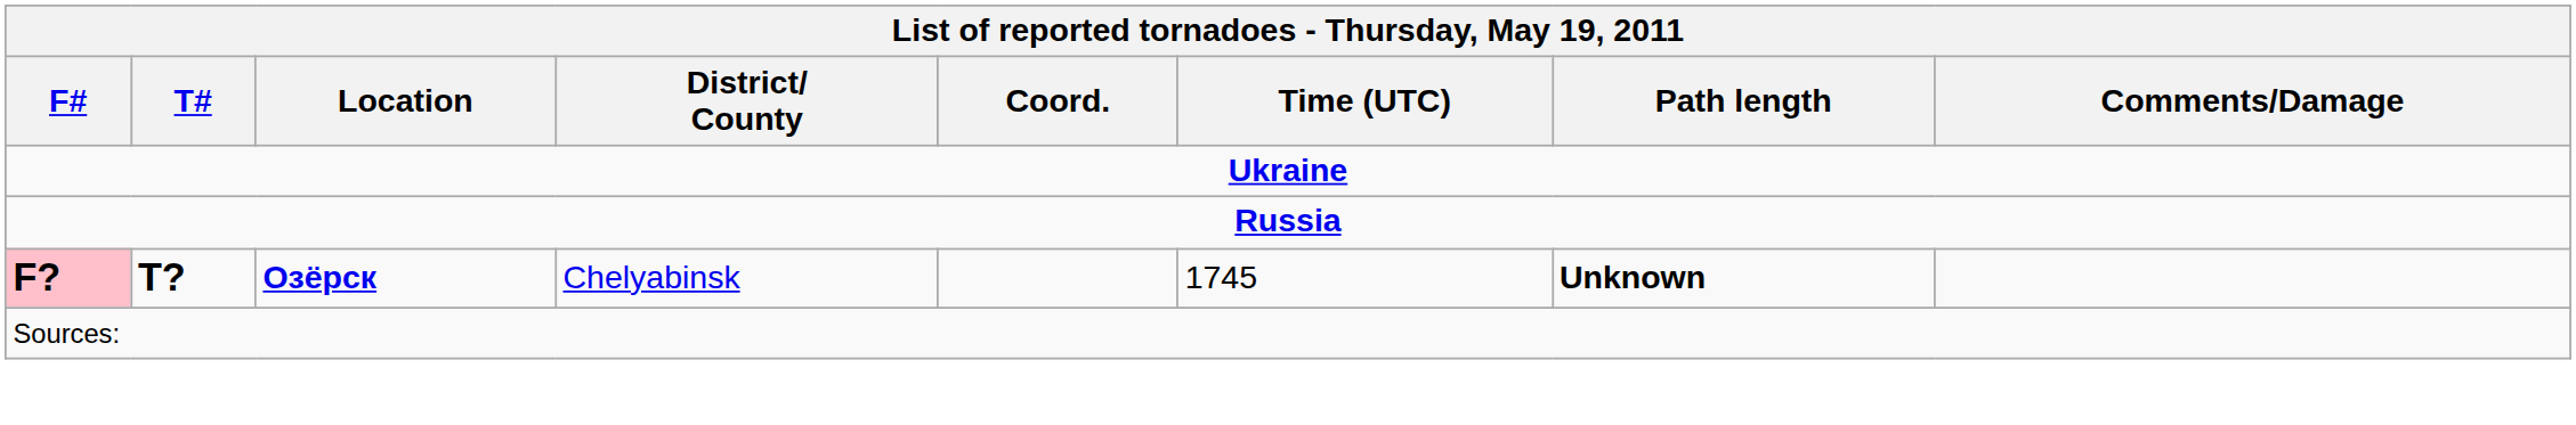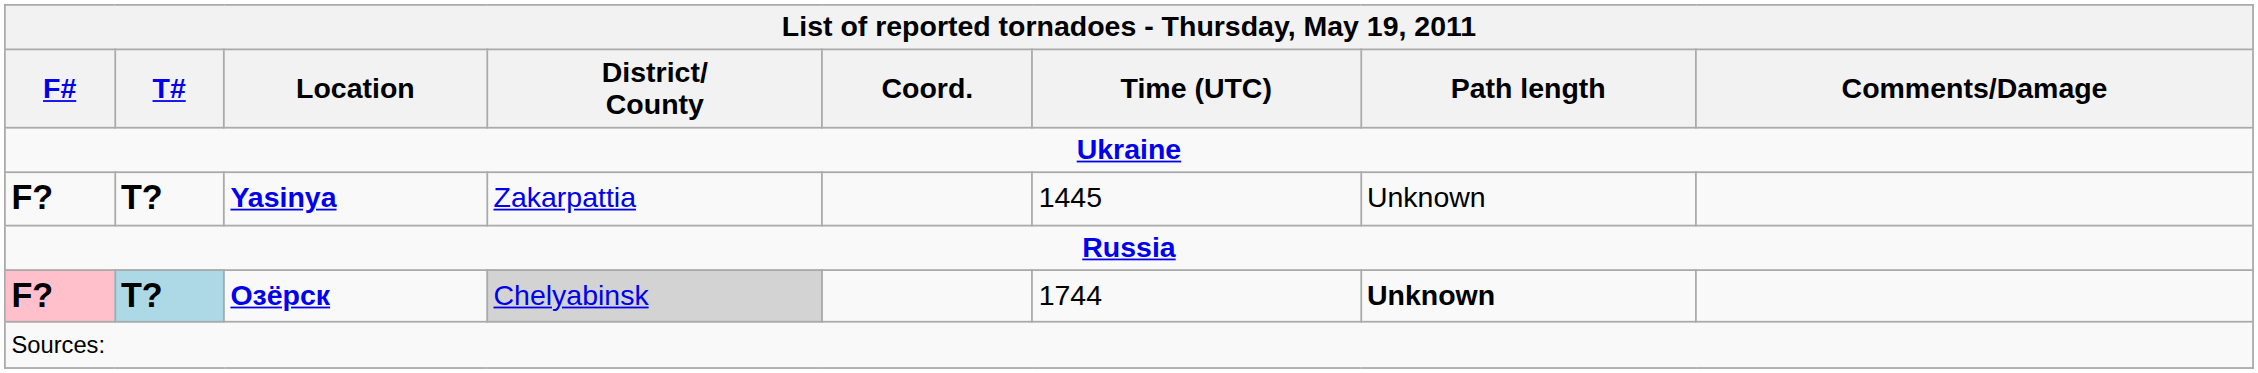 <table class="wikitable collapsible" width="100%">
 <tr>
 <th colspan="8">List of reported tornadoes - Thursday, May 19, 2011</th>
 </tr>
 <tr>
 <th><a href='#'>F#</a></th>
 <th><a href='#'>T#</a></th>
 <th>Location</th>
 <th>District/<br>County</th>
 <th>Coord.</th>
 <th>Time (UTC)</th>
 <th>Path length</th>
 <th>Comments/Damage</th>
 </tr>
 <tr>
 <td colspan="8" align=center><strong><a href='#'>Ukraine</a></strong></td>
 </tr>
 <tr>
+<td><big><strong>F?</strong></big></td>
+<td><big><strong>T?</strong></big></td>
+<td><strong><a href='#'>Yasinya</a></strong></td>
+<td><a href='#'>Zakarpattia</a></td>
+<td></td>
+<td>1445</td>
+<td>Unknown</td>
+<td></td>
+</tr>
+<tr>
 <td colspan="8" align=center><strong><a href='#'>Russia</a></strong></td>
 </tr>
 <tr>
 <td style="background: pink;"><big><strong>F?</strong></big></td>
-<td><big><strong>T?</strong></big></td>
+<td style="background: lightblue;"><big><strong>T?</strong></big></td>
 <td><strong><a href='#'>Озёрск</a></strong></td>
-<td><a href='#'>Chelyabinsk</a></td>
+<td style="background: lightgrey;"><a href='#'>Chelyabinsk</a></td>
 <td></td>
-<td>1745</td>
+<td>1744</td>
 <td><strong>Unknown</strong></td>
 <td></td>
 </tr>
 <tr>
 <td colspan="8"><small>Sources:  </small></td>
 </tr>
 </table>
